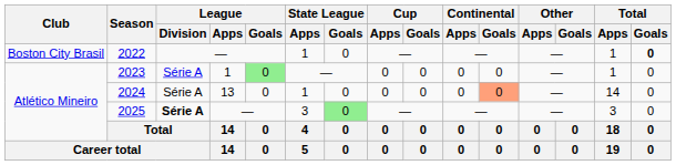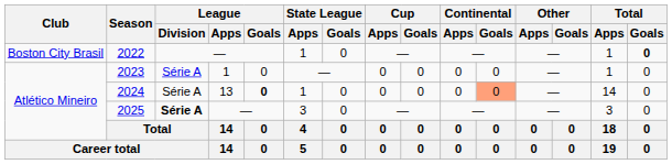 <table class="wikitable" style="text-align: center;">
 <tr>
 <th rowspan="2">Club</th>
 <th rowspan="2">Season</th>
 <th colspan="3">League</th>
 <th colspan="2">State League</th>
 <th colspan="2">Cup</th>
 <th colspan="2">Continental</th>
 <th colspan="2">Other</th>
 <th colspan="2">Total</th>
 </tr>
 <tr>
 <th>Division</th>
 <th>Apps</th>
 <th>Goals</th>
 <th>Apps</th>
 <th>Goals</th>
 <th>Apps</th>
 <th>Goals</th>
 <th>Apps</th>
 <th>Goals</th>
 <th>Apps</th>
 <th>Goals</th>
 <th>Apps</th>
 <th>Goals</th>
 </tr>
 <tr>
 <td valign="center"><a href='#'>Boston City Brasil</a></td>
 <td><a href='#'>2022</a></td>
 <td colspan="3">—</td>
 <td>1</td>
 <td>0</td>
 <td colspan="2">—</td>
 <td colspan="2">—</td>
 <td colspan="2">—</td>
 <td>1</td>
 <td><strong>0</strong></td>
 </tr>
 <tr>
 <td valign="center" rowspan=4><a href='#'>Atlético Mineiro</a></td>
 <td><a href='#'>2023</a></td>
 <td><a href='#'>Série A</a></td>
 <td>1</td>
-<td style="background: lightgreen;">0</td>
+<td>0</td>
 <td colspan="2">—</td>
 <td>0</td>
 <td>0</td>
 <td>0</td>
 <td>0</td>
 <td colspan="2">—</td>
 <td>1</td>
 <td>0</td>
 </tr>
 <tr>
 <td><a href='#'>2024</a></td>
 <td>Série A</td>
 <td>13</td>
-<td>0</td>
+<td><strong>0</strong></td>
 <td>1</td>
 <td>0</td>
 <td>0</td>
 <td>0</td>
 <td>0</td>
 <td style="background: lightsalmon;">0</td>
 <td colspan="2">—</td>
 <td>14</td>
 <td>0</td>
 </tr>
 <tr>
 <td><a href='#'>2025</a></td>
 <td><strong>Série A</strong></td>
 <td colspan="2">—</td>
 <td>3</td>
-<td style="background: lightgreen;">0</td>
+<td>0</td>
 <td colspan="2">—</td>
 <td colspan="2">—</td>
 <td colspan="2">—</td>
 <td>3</td>
 <td>0</td>
 </tr>
 <tr>
 <th colspan=2>Total</th>
 <th>14</th>
 <th>0</th>
 <th>4</th>
 <th>0</th>
 <th>0</th>
 <th>0</th>
 <th>0</th>
 <th>0</th>
 <th>0</th>
 <th>0</th>
 <th>18</th>
 <th>0</th>
 </tr>
 <tr>
 <th colspan="3"><strong>Career total</strong></th>
 <th>14</th>
 <th>0</th>
 <th>5</th>
 <th>0</th>
 <th>0</th>
 <th>0</th>
 <th>0</th>
 <th>0</th>
 <th>0</th>
 <th>0</th>
 <th>19</th>
 <th>0</th>
 </tr>
 </table>
